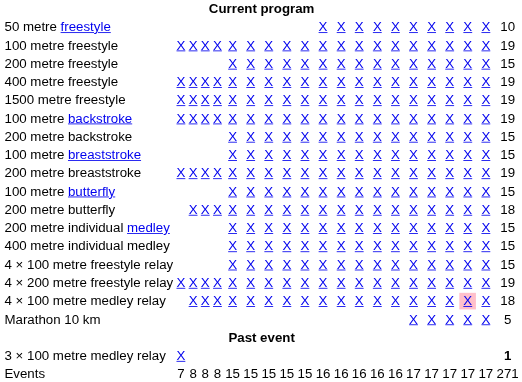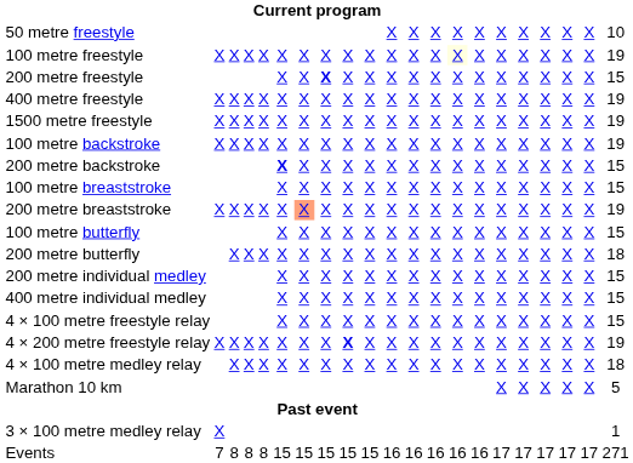 <table>
 <tr>
 <td align=center colspan=21><strong>Current program</strong></td>
 </tr>
 <tr align=center>
 <td align=left>50 metre <a href='#'>freestyle</a></td>
 <td></td>
 <td></td>
 <td></td>
 <td></td>
 <td></td>
 <td></td>
 <td></td>
 <td></td>
 <td></td>
 <td><a href='#'>X</a></td>
 <td><a href='#'>X</a></td>
 <td><a href='#'>X</a></td>
 <td><a href='#'>X</a></td>
 <td><a href='#'>X</a></td>
 <td><a href='#'>X</a></td>
 <td><a href='#'>X</a></td>
 <td><a href='#'>X</a></td>
 <td><a href='#'>X</a></td>
 <td><a href='#'>X</a></td>
 <td>10</td>
 </tr>
 <tr align=center>
 <td align=left>100 metre freestyle</td>
 <td><a href='#'>X</a></td>
 <td><a href='#'>X</a></td>
 <td><a href='#'>X</a></td>
 <td><a href='#'>X</a></td>
 <td><a href='#'>X</a></td>
 <td><a href='#'>X</a></td>
 <td><a href='#'>X</a></td>
 <td><a href='#'>X</a></td>
 <td><a href='#'>X</a></td>
 <td><a href='#'>X</a></td>
 <td><a href='#'>X</a></td>
 <td><a href='#'>X</a></td>
-<td><a href='#'>X</a></td>
+<td style="background: lightyellow;"><a href='#'>X</a></td>
 <td><a href='#'>X</a></td>
 <td><a href='#'>X</a></td>
 <td><a href='#'>X</a></td>
 <td><a href='#'>X</a></td>
 <td><a href='#'>X</a></td>
 <td><a href='#'>X</a></td>
 <td>19</td>
 </tr>
 <tr align=center>
 <td align=left>200 metre freestyle</td>
 <td></td>
 <td></td>
 <td></td>
 <td></td>
 <td><a href='#'>X</a></td>
 <td><a href='#'>X</a></td>
-<td><a href='#'>X</a></td>
+<td><strong><a href='#'>X</a></strong></td>
 <td><a href='#'>X</a></td>
 <td><a href='#'>X</a></td>
 <td><a href='#'>X</a></td>
 <td><a href='#'>X</a></td>
 <td><a href='#'>X</a></td>
 <td><a href='#'>X</a></td>
 <td><a href='#'>X</a></td>
 <td><a href='#'>X</a></td>
 <td><a href='#'>X</a></td>
 <td><a href='#'>X</a></td>
 <td><a href='#'>X</a></td>
 <td><a href='#'>X</a></td>
 <td>15</td>
 </tr>
 <tr align=center>
 <td align=left>400 metre freestyle</td>
 <td><a href='#'>X</a></td>
 <td><a href='#'>X</a></td>
 <td><a href='#'>X</a></td>
 <td><a href='#'>X</a></td>
 <td><a href='#'>X</a></td>
 <td><a href='#'>X</a></td>
 <td><a href='#'>X</a></td>
 <td><a href='#'>X</a></td>
 <td><a href='#'>X</a></td>
 <td><a href='#'>X</a></td>
 <td><a href='#'>X</a></td>
 <td><a href='#'>X</a></td>
 <td><a href='#'>X</a></td>
 <td><a href='#'>X</a></td>
 <td><a href='#'>X</a></td>
 <td><a href='#'>X</a></td>
 <td><a href='#'>X</a></td>
 <td><a href='#'>X</a></td>
 <td><a href='#'>X</a></td>
 <td>19</td>
 </tr>
 <tr align=center>
 <td align=left>1500 metre freestyle</td>
 <td><a href='#'>X</a></td>
 <td><a href='#'>X</a></td>
 <td><a href='#'>X</a></td>
 <td><a href='#'>X</a></td>
 <td><a href='#'>X</a></td>
 <td><a href='#'>X</a></td>
 <td><a href='#'>X</a></td>
 <td><a href='#'>X</a></td>
 <td><a href='#'>X</a></td>
 <td><a href='#'>X</a></td>
 <td><a href='#'>X</a></td>
 <td><a href='#'>X</a></td>
 <td><a href='#'>X</a></td>
 <td><a href='#'>X</a></td>
 <td><a href='#'>X</a></td>
 <td><a href='#'>X</a></td>
 <td><a href='#'>X</a></td>
 <td><a href='#'>X</a></td>
 <td><a href='#'>X</a></td>
 <td>19</td>
 </tr>
 <tr align=center>
 <td align=left>100 metre <a href='#'>backstroke</a></td>
 <td><a href='#'>X</a></td>
 <td><a href='#'>X</a></td>
 <td><a href='#'>X</a></td>
 <td><a href='#'>X</a></td>
 <td><a href='#'>X</a></td>
 <td><a href='#'>X</a></td>
 <td><a href='#'>X</a></td>
 <td><a href='#'>X</a></td>
 <td><a href='#'>X</a></td>
 <td><a href='#'>X</a></td>
 <td><a href='#'>X</a></td>
 <td><a href='#'>X</a></td>
 <td><a href='#'>X</a></td>
 <td><a href='#'>X</a></td>
 <td><a href='#'>X</a></td>
 <td><a href='#'>X</a></td>
 <td><a href='#'>X</a></td>
 <td><a href='#'>X</a></td>
 <td><a href='#'>X</a></td>
 <td>19</td>
 </tr>
 <tr align=center>
 <td align=left>200 metre backstroke</td>
 <td></td>
 <td></td>
 <td></td>
 <td></td>
-<td><a href='#'>X</a></td>
+<td><strong><a href='#'>X</a></strong></td>
 <td><a href='#'>X</a></td>
 <td><a href='#'>X</a></td>
 <td><a href='#'>X</a></td>
 <td><a href='#'>X</a></td>
 <td><a href='#'>X</a></td>
 <td><a href='#'>X</a></td>
 <td><a href='#'>X</a></td>
 <td><a href='#'>X</a></td>
 <td><a href='#'>X</a></td>
 <td><a href='#'>X</a></td>
 <td><a href='#'>X</a></td>
 <td><a href='#'>X</a></td>
 <td><a href='#'>X</a></td>
 <td><a href='#'>X</a></td>
 <td>15</td>
 </tr>
 <tr align=center>
 <td align=left>100 metre <a href='#'>breaststroke</a></td>
 <td></td>
 <td></td>
 <td></td>
 <td></td>
 <td><a href='#'>X</a></td>
 <td><a href='#'>X</a></td>
 <td><a href='#'>X</a></td>
 <td><a href='#'>X</a></td>
 <td><a href='#'>X</a></td>
 <td><a href='#'>X</a></td>
 <td><a href='#'>X</a></td>
 <td><a href='#'>X</a></td>
 <td><a href='#'>X</a></td>
 <td><a href='#'>X</a></td>
 <td><a href='#'>X</a></td>
 <td><a href='#'>X</a></td>
 <td><a href='#'>X</a></td>
 <td><a href='#'>X</a></td>
 <td><a href='#'>X</a></td>
 <td>15</td>
 </tr>
 <tr align=center>
 <td align=left>200 metre breaststroke</td>
 <td><a href='#'>X</a></td>
 <td><a href='#'>X</a></td>
 <td><a href='#'>X</a></td>
 <td><a href='#'>X</a></td>
 <td><a href='#'>X</a></td>
-<td><a href='#'>X</a></td>
+<td style="background: lightsalmon;"><a href='#'>X</a></td>
 <td><a href='#'>X</a></td>
 <td><a href='#'>X</a></td>
 <td><a href='#'>X</a></td>
 <td><a href='#'>X</a></td>
 <td><a href='#'>X</a></td>
 <td><a href='#'>X</a></td>
 <td><a href='#'>X</a></td>
 <td><a href='#'>X</a></td>
 <td><a href='#'>X</a></td>
 <td><a href='#'>X</a></td>
 <td><a href='#'>X</a></td>
 <td><a href='#'>X</a></td>
 <td><a href='#'>X</a></td>
 <td>19</td>
 </tr>
 <tr align=center>
 <td align=left>100 metre <a href='#'>butterfly</a></td>
 <td></td>
 <td></td>
 <td></td>
 <td></td>
 <td><a href='#'>X</a></td>
 <td><a href='#'>X</a></td>
 <td><a href='#'>X</a></td>
 <td><a href='#'>X</a></td>
 <td><a href='#'>X</a></td>
 <td><a href='#'>X</a></td>
 <td><a href='#'>X</a></td>
 <td><a href='#'>X</a></td>
 <td><a href='#'>X</a></td>
 <td><a href='#'>X</a></td>
 <td><a href='#'>X</a></td>
 <td><a href='#'>X</a></td>
 <td><a href='#'>X</a></td>
 <td><a href='#'>X</a></td>
 <td><a href='#'>X</a></td>
 <td>15</td>
 </tr>
 <tr align=center>
 <td align=left>200 metre butterfly</td>
 <td></td>
 <td><a href='#'>X</a></td>
 <td><a href='#'>X</a></td>
 <td><a href='#'>X</a></td>
 <td><a href='#'>X</a></td>
 <td><a href='#'>X</a></td>
 <td><a href='#'>X</a></td>
 <td><a href='#'>X</a></td>
 <td><a href='#'>X</a></td>
 <td><a href='#'>X</a></td>
 <td><a href='#'>X</a></td>
 <td><a href='#'>X</a></td>
 <td><a href='#'>X</a></td>
 <td><a href='#'>X</a></td>
 <td><a href='#'>X</a></td>
 <td><a href='#'>X</a></td>
 <td><a href='#'>X</a></td>
 <td><a href='#'>X</a></td>
 <td><a href='#'>X</a></td>
 <td>18</td>
 </tr>
 <tr align=center>
 <td align=left>200 metre individual <a href='#'>medley</a></td>
 <td></td>
 <td></td>
 <td></td>
 <td></td>
 <td><a href='#'>X</a></td>
 <td><a href='#'>X</a></td>
 <td><a href='#'>X</a></td>
 <td><a href='#'>X</a></td>
 <td><a href='#'>X</a></td>
 <td><a href='#'>X</a></td>
 <td><a href='#'>X</a></td>
 <td><a href='#'>X</a></td>
 <td><a href='#'>X</a></td>
 <td><a href='#'>X</a></td>
 <td><a href='#'>X</a></td>
 <td><a href='#'>X</a></td>
 <td><a href='#'>X</a></td>
 <td><a href='#'>X</a></td>
 <td><a href='#'>X</a></td>
 <td>15</td>
 </tr>
 <tr align=center>
 <td align=left>400 metre individual medley</td>
 <td></td>
 <td></td>
 <td></td>
 <td></td>
 <td><a href='#'>X</a></td>
 <td><a href='#'>X</a></td>
 <td><a href='#'>X</a></td>
 <td><a href='#'>X</a></td>
 <td><a href='#'>X</a></td>
 <td><a href='#'>X</a></td>
 <td><a href='#'>X</a></td>
 <td><a href='#'>X</a></td>
 <td><a href='#'>X</a></td>
 <td><a href='#'>X</a></td>
 <td><a href='#'>X</a></td>
 <td><a href='#'>X</a></td>
 <td><a href='#'>X</a></td>
 <td><a href='#'>X</a></td>
 <td><a href='#'>X</a></td>
 <td>15</td>
 </tr>
 <tr align=center>
 <td align=left>4 × 100 metre freestyle relay</td>
 <td></td>
 <td></td>
 <td></td>
 <td></td>
 <td><a href='#'>X</a></td>
 <td><a href='#'>X</a></td>
 <td><a href='#'>X</a></td>
 <td><a href='#'>X</a></td>
 <td><a href='#'>X</a></td>
 <td><a href='#'>X</a></td>
 <td><a href='#'>X</a></td>
 <td><a href='#'>X</a></td>
 <td><a href='#'>X</a></td>
 <td><a href='#'>X</a></td>
 <td><a href='#'>X</a></td>
 <td><a href='#'>X</a></td>
 <td><a href='#'>X</a></td>
 <td><a href='#'>X</a></td>
 <td><a href='#'>X</a></td>
 <td>15</td>
 </tr>
 <tr align=center>
 <td align=left>4 × 200 metre freestyle relay</td>
 <td><a href='#'>X</a></td>
 <td><a href='#'>X</a></td>
 <td><a href='#'>X</a></td>
 <td><a href='#'>X</a></td>
 <td><a href='#'>X</a></td>
 <td><a href='#'>X</a></td>
 <td><a href='#'>X</a></td>
-<td><a href='#'>X</a></td>
+<td><strong><a href='#'>X</a></strong></td>
 <td><a href='#'>X</a></td>
 <td><a href='#'>X</a></td>
 <td><a href='#'>X</a></td>
 <td><a href='#'>X</a></td>
 <td><a href='#'>X</a></td>
 <td><a href='#'>X</a></td>
 <td><a href='#'>X</a></td>
 <td><a href='#'>X</a></td>
 <td><a href='#'>X</a></td>
 <td><a href='#'>X</a></td>
 <td><a href='#'>X</a></td>
 <td>19</td>
 </tr>
 <tr align=center>
 <td align=left>4 × 100 metre medley relay</td>
 <td></td>
 <td><a href='#'>X</a></td>
 <td><a href='#'>X</a></td>
 <td><a href='#'>X</a></td>
 <td><a href='#'>X</a></td>
 <td><a href='#'>X</a></td>
 <td><a href='#'>X</a></td>
 <td><a href='#'>X</a></td>
 <td><a href='#'>X</a></td>
 <td><a href='#'>X</a></td>
 <td><a href='#'>X</a></td>
 <td><a href='#'>X</a></td>
 <td><a href='#'>X</a></td>
 <td><a href='#'>X</a></td>
 <td><a href='#'>X</a></td>
 <td><a href='#'>X</a></td>
 <td><a href='#'>X</a></td>
-<td style="background: pink;"><a href='#'>X</a></td>
+<td><a href='#'>X</a></td>
 <td><a href='#'>X</a></td>
 <td>18</td>
 </tr>
 <tr align=center>
 <td align=left>Marathon 10 km</td>
 <td></td>
 <td></td>
 <td></td>
 <td></td>
 <td></td>
 <td></td>
 <td></td>
 <td></td>
 <td></td>
 <td></td>
 <td></td>
 <td></td>
 <td></td>
 <td></td>
 <td><a href='#'>X</a></td>
 <td><a href='#'>X</a></td>
 <td><a href='#'>X</a></td>
 <td><a href='#'>X</a></td>
 <td><a href='#'>X</a></td>
 <td>5</td>
 </tr>
 <tr align=center>
 <td align=center colspan=21><strong>Past event</strong></td>
 </tr>
 <tr align=center>
 <td align=left>3 × 100 metre medley relay</td>
 <td><a href='#'>X</a></td>
 <td></td>
 <td></td>
 <td></td>
 <td></td>
 <td></td>
 <td></td>
 <td></td>
 <td></td>
 <td></td>
 <td></td>
 <td></td>
 <td></td>
 <td></td>
 <td></td>
 <td></td>
 <td></td>
 <td></td>
 <td></td>
-<td><strong>1</strong></td>
+<td>1</td>
 </tr>
 <tr align=center>
 <td align=left>Events</td>
 <td>7</td>
 <td>8</td>
 <td>8</td>
 <td>8</td>
 <td>15</td>
 <td>15</td>
 <td>15</td>
 <td>15</td>
 <td>15</td>
 <td>16</td>
 <td>16</td>
 <td>16</td>
 <td>16</td>
 <td>16</td>
 <td>17</td>
 <td>17</td>
 <td>17</td>
 <td>17</td>
 <td>17</td>
 <td>271</td>
 </tr>
 </table>
